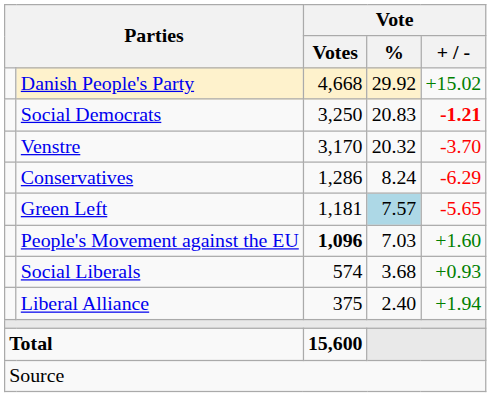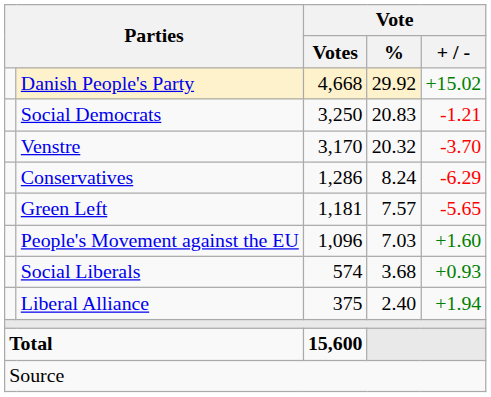 <table class="wikitable" style="text-align:right;">
 <tr>
 <th style="text-align:centre;" rowspan="2" colspan="2" width="225">Parties</th>
 <th colspan="3">Vote</th>
 </tr>
 <tr>
 <th width="15">Votes</th>
 <th width="15">%</th>
 <th width="15">+ / -</th>
 </tr>
 <tr>
 <td width="2" style="color:inherit;background:"></td>
 <td bgcolor=#fef2cc   align="left"><a href='#'>Danish People's Party</a></td>
 <td bgcolor=#fef2cc>4,668</td>
 <td bgcolor=#fef2cc>29.92</td>
 <td style=color:green;>+15.02</td>
 </tr>
 <tr>
 <td width="2" style="color:inherit;background:"></td>
 <td align="left"><a href='#'>Social Democrats</a></td>
 <td>3,250</td>
 <td>20.83</td>
-<td style=color:red;><strong>-1.21</strong></td>
+<td style=color:red;>-1.21</td>
 </tr>
 <tr>
 <td width="2" style="color:inherit;background:"></td>
 <td align="left"><a href='#'>Venstre</a></td>
 <td>3,170</td>
 <td>20.32</td>
 <td style=color:red;>-3.70</td>
 </tr>
 <tr>
 <td width="2" style="color:inherit;background:"></td>
 <td align="left"><a href='#'>Conservatives</a></td>
 <td>1,286</td>
 <td>8.24</td>
 <td style=color:red;>-6.29</td>
 </tr>
 <tr>
 <td width="2" style="color:inherit;background:"></td>
 <td align="left"><a href='#'>Green Left</a></td>
 <td>1,181</td>
-<td style="background: lightblue;">7.57</td>
+<td>7.57</td>
 <td style=color:red;>-5.65</td>
 </tr>
 <tr>
 <td width="2" style="color:inherit;background:"></td>
 <td align="left"><a href='#'>People's Movement against the EU</a></td>
-<td><strong>1,096</strong></td>
+<td>1,096</td>
 <td>7.03</td>
 <td style=color:green;>+1.60</td>
 </tr>
 <tr>
 <td width="2" style="color:inherit;background:"></td>
 <td align="left"><a href='#'>Social Liberals</a></td>
 <td>574</td>
 <td>3.68</td>
 <td style=color:green;>+0.93</td>
 </tr>
 <tr>
 <td width="2" style="color:inherit;background:"></td>
 <td align="left"><a href='#'>Liberal Alliance</a></td>
 <td>375</td>
 <td>2.40</td>
 <td style=color:green;>+1.94</td>
 </tr>
 <tr>
 <td colspan="7" bgcolor="#E9E9E9"></td>
 </tr>
 <tr>
 <td align="left" colspan="2"><strong>Total</strong></td>
 <td><strong>15,600</strong></td>
 <td bgcolor="#E9E9E9" colspan="2"></td>
 </tr>
 <tr>
 <td align="left" colspan="6">Source</td>
 </tr>
 </table>
